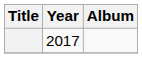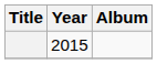 <table class="wikitable plainrowheaders" style="text-align:center;">
 <tr>
 <th scope="col">Title</th>
 <th scope="col">Year</th>
 <th scope="col">Album</th>
 </tr>
 <tr>
 <th scope="row"></th>
-<td>2017</td>
+<td>2015</td>
 <td></td>
 </tr>
 <tr>
 </tr>
 </table>
